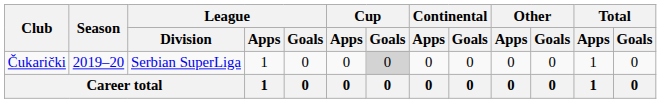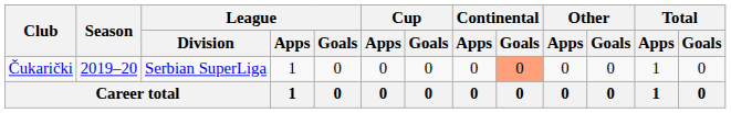 <table class="wikitable" style="text-align: center">
 <tr>
 <th rowspan="2">Club</th>
 <th rowspan="2">Season</th>
 <th colspan="3">League</th>
 <th colspan="2">Cup</th>
 <th colspan="2">Continental</th>
 <th colspan="2">Other</th>
 <th colspan="2">Total</th>
 </tr>
 <tr>
 <th>Division</th>
 <th>Apps</th>
 <th>Goals</th>
 <th>Apps</th>
 <th>Goals</th>
 <th>Apps</th>
 <th>Goals</th>
 <th>Apps</th>
 <th>Goals</th>
 <th>Apps</th>
 <th>Goals</th>
 </tr>
 <tr>
 <td><a href='#'>Čukarički</a></td>
 <td><a href='#'>2019–20</a></td>
 <td><a href='#'>Serbian SuperLiga</a></td>
 <td>1</td>
 <td>0</td>
 <td>0</td>
-<td style="background: lightgrey;">0</td>
 <td>0</td>
 <td>0</td>
+<td style="background: lightsalmon;">0</td>
 <td>0</td>
 <td>0</td>
 <td>1</td>
 <td>0</td>
 </tr>
 <tr>
 <th colspan="3"><strong>Career total</strong></th>
 <th>1</th>
 <th>0</th>
 <th>0</th>
 <th>0</th>
 <th>0</th>
 <th>0</th>
 <th>0</th>
 <th>0</th>
 <th>1</th>
 <th>0</th>
 </tr>
 </table>
